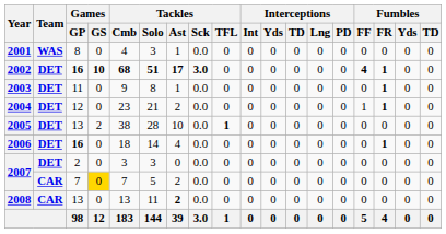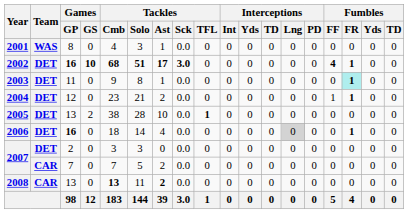 <table class="wikitable" style="text-align:center">
 <tr>
 <th rowspan="2">Year</th>
 <th rowspan="2">Team</th>
 <th colspan="2">Games</th>
 <th colspan="5">Tackles</th>
 <th colspan="5">Interceptions</th>
 <th colspan="4">Fumbles</th>
 </tr>
 <tr>
 <th>GP</th>
 <th>GS</th>
 <th>Cmb</th>
 <th>Solo</th>
 <th>Ast</th>
 <th>Sck</th>
 <th>TFL</th>
 <th>Int</th>
 <th>Yds</th>
 <th>TD</th>
 <th>Lng</th>
 <th>PD</th>
 <th>FF</th>
 <th>FR</th>
 <th>Yds</th>
 <th>TD</th>
 </tr>
 <tr>
 <th><a href='#'>2001</a></th>
 <th><a href='#'>WAS</a></th>
 <td>8</td>
 <td>0</td>
 <td>4</td>
 <td>3</td>
 <td>1</td>
 <td>0.0</td>
 <td>0</td>
 <td>0</td>
 <td>0</td>
 <td>0</td>
 <td>0</td>
 <td>0</td>
 <td>0</td>
 <td>0</td>
 <td>0</td>
 <td>0</td>
 </tr>
 <tr>
 <th><a href='#'>2002</a></th>
 <th><a href='#'>DET</a></th>
 <td><strong>16</strong></td>
 <td><strong>10</strong></td>
 <td><strong>68</strong></td>
 <td><strong>51</strong></td>
 <td><strong>17</strong></td>
 <td><strong>3.0</strong></td>
 <td>0</td>
 <td>0</td>
 <td>0</td>
 <td>0</td>
 <td>0</td>
 <td>0</td>
 <td><strong>4</strong></td>
 <td><strong>1</strong></td>
 <td>0</td>
 <td>0</td>
 </tr>
 <tr>
 <th><a href='#'>2003</a></th>
 <th><a href='#'>DET</a></th>
 <td>11</td>
 <td>0</td>
 <td>9</td>
 <td>8</td>
 <td>1</td>
 <td>0.0</td>
 <td>0</td>
 <td>0</td>
 <td>0</td>
 <td>0</td>
 <td>0</td>
 <td>0</td>
 <td>0</td>
-<td><strong>1</strong></td>
+<td style="background: paleturquoise;"><strong>1</strong></td>
 <td>0</td>
 <td>0</td>
 </tr>
 <tr>
 <th><a href='#'>2004</a></th>
 <th><a href='#'>DET</a></th>
 <td>12</td>
 <td>0</td>
 <td>23</td>
 <td>21</td>
 <td>2</td>
 <td>0.0</td>
 <td>0</td>
 <td>0</td>
 <td>0</td>
 <td>0</td>
 <td>0</td>
 <td>0</td>
 <td>1</td>
 <td><strong>1</strong></td>
 <td>0</td>
 <td>0</td>
 </tr>
 <tr>
 <th><a href='#'>2005</a></th>
 <th><a href='#'>DET</a></th>
 <td>13</td>
 <td>2</td>
 <td>38</td>
 <td>28</td>
 <td>10</td>
 <td>0.0</td>
 <td><strong>1</strong></td>
 <td>0</td>
 <td>0</td>
 <td>0</td>
 <td>0</td>
 <td>0</td>
 <td>0</td>
 <td>0</td>
 <td>0</td>
 <td>0</td>
 </tr>
 <tr>
 <th><a href='#'>2006</a></th>
 <th><a href='#'>DET</a></th>
 <td><strong>16</strong></td>
 <td>0</td>
 <td>18</td>
 <td>14</td>
 <td>4</td>
 <td>0.0</td>
 <td>0</td>
 <td>0</td>
 <td>0</td>
 <td>0</td>
-<td>0</td>
+<td style="background: lightgrey;">0</td>
 <td>0</td>
 <td>0</td>
 <td><strong>1</strong></td>
 <td>0</td>
 <td>0</td>
 </tr>
 <tr>
 <th rowspan="2"><a href='#'>2007</a></th>
 <th><a href='#'>DET</a></th>
 <td>2</td>
 <td>0</td>
 <td>3</td>
 <td>3</td>
 <td>0</td>
 <td>0.0</td>
 <td>0</td>
 <td>0</td>
 <td>0</td>
 <td>0</td>
 <td>0</td>
 <td>0</td>
 <td>0</td>
 <td>0</td>
 <td>0</td>
 <td>0</td>
 </tr>
 <tr>
 <th><a href='#'>CAR</a></th>
 <td>7</td>
-<td style="background: gold;">0</td>
+<td>0</td>
 <td>7</td>
 <td>5</td>
 <td>2</td>
 <td>0.0</td>
 <td>0</td>
 <td>0</td>
 <td>0</td>
 <td>0</td>
 <td>0</td>
 <td>0</td>
 <td>0</td>
 <td>0</td>
 <td>0</td>
 <td>0</td>
 </tr>
 <tr>
 <th><a href='#'>2008</a></th>
 <th><a href='#'>CAR</a></th>
 <td>13</td>
 <td>0</td>
-<td>13</td>
+<td><strong>13</strong></td>
 <td>11</td>
 <td><strong>2</strong></td>
 <td>0.0</td>
 <td>0</td>
 <td>0</td>
 <td>0</td>
 <td>0</td>
 <td>0</td>
 <td>0</td>
 <td>0</td>
 <td>0</td>
 <td>0</td>
 <td>0</td>
 </tr>
 <tr>
 <th colspan="2"></th>
 <th>98</th>
 <th>12</th>
 <th>183</th>
 <th>144</th>
 <th>39</th>
 <th>3.0</th>
 <th>1</th>
 <th>0</th>
 <th>0</th>
 <th>0</th>
 <th>0</th>
 <th>0</th>
 <th>5</th>
 <th>4</th>
 <th>0</th>
 <th>0</th>
 </tr>
 </table>
